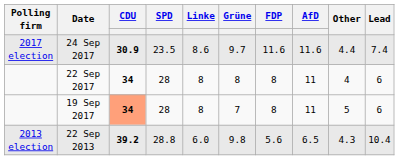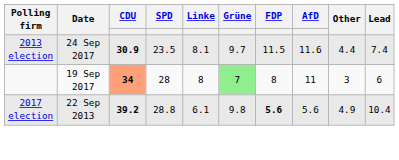 <table class="wikitable sortable" style="text-align:center; font-size:90%; line-height:16px;">
 <tr>
 <th style="width:60px;" rowspan="2">Polling firm</th>
 <th style="width:60px;" rowspan="2">Date</th>
 <th style="width:40px;" class="unsortable"><a href='#'>CDU</a></th>
 <th style="width:40px;" class="unsortable"><a href='#'>SPD</a></th>
 <th style="width:40px;" class="unsortable"><a href='#'>Linke</a></th>
 <th style="width:40px;" class="unsortable"><a href='#'>Grüne</a></th>
 <th style="width:40px;" class="unsortable"><a href='#'>FDP</a></th>
 <th style="width:40px;" class="unsortable"><a href='#'>AfD</a></th>
 <th style="width:40px;" rowspan="2" class="unsortable">Other</th>
 <th style="width:30px;" rowspan="2" class="unsortable">Lead</th>
 </tr>
 <tr>
 <th style="color:inherit;background:"></th>
 <th style="color:inherit;background:"></th>
 <th style="color:inherit;background:"></th>
 <th style="color:inherit;background:"></th>
 <th style="color:inherit;background:"></th>
 <th style="color:inherit;background:"></th>
 </tr>
 <tr style="background-color:#E9E9E9">
-<td><a href='#'>2017 election</a></td>
+<td><a href='#'>2013 election</a></td>
 <td>24 Sep 2017</td>
 <td><strong>30.9</strong></td>
 <td>23.5</td>
-<td>8.6</td>
+<td>8.1</td>
 <td>9.7</td>
-<td>11.6</td>
+<td>11.5</td>
 <td>11.6</td>
 <td>4.4</td>
 <td style="background:">7.4</td>
-</tr>
-<tr>
-<td></td>
-<td>22 Sep 2017</td>
-<td><strong>34</strong></td>
-<td>28</td>
-<td>8</td>
-<td>8</td>
-<td>8</td>
-<td>11</td>
-<td>4</td>
-<td style="background:">6</td>
 </tr>
 <tr>
 <td></td>
 <td>19 Sep 2017</td>
 <td style="background: lightsalmon;"><strong>34</strong></td>
 <td>28</td>
 <td>8</td>
-<td>7</td>
+<td style="background: lightgreen;">7</td>
 <td>8</td>
 <td>11</td>
-<td>5</td>
+<td>3</td>
 <td style="background:">6</td>
 </tr>
 <tr style="background-color:#E9E9E9">
-<td><a href='#'>2013 election</a></td>
+<td><a href='#'>2017 election</a></td>
 <td>22 Sep 2013</td>
 <td><strong>39.2</strong></td>
 <td>28.8</td>
-<td>6.0</td>
+<td>6.1</td>
 <td>9.8</td>
+<td><strong>5.6</strong></td>
 <td>5.6</td>
-<td>6.5</td>
-<td>4.3</td>
+<td>4.9</td>
 <td style="background:">10.4</td>
 </tr>
 </table>
